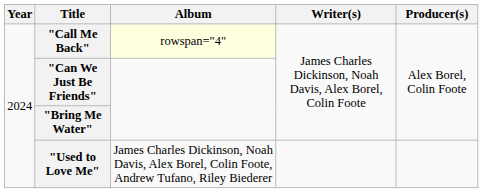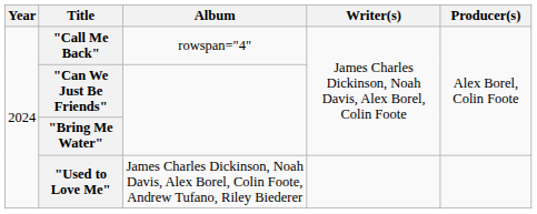 <table class="wikitable plainrowheaders" style="text-align:center">
 <tr>
 <th scope="col">Year</th>
 <th scope="col">Title</th>
 <th scope="col">Album</th>
 <th>Writer(s)</th>
 <th>Producer(s)</th>
 </tr>
 <tr>
 <td rowspan="4" 2024>2024</td>
 <th scope="row">"Call Me Back"</th>
-<td style="background: lightyellow;">rowspan="4" </td>
+<td>rowspan="4" </td>
 <td rowspan="3">James Charles Dickinson, Noah Davis, Alex Borel, Colin Foote</td>
 <td rowspan="3">Alex Borel, Colin Foote</td>
 </tr>
 <tr>
 <th scope="row">"Can We Just Be Friends"</th>
 </tr>
 <tr>
 <th scope="row">"Bring Me Water"</th>
 </tr>
 <tr>
 <th scope="row">"Used to Love Me"</th>
 <td>James Charles Dickinson, Noah Davis, Alex Borel, Colin Foote, Andrew Tufano, Riley Biederer</td>
 <td></td>
 </tr>
 </table>
